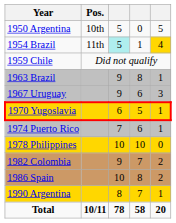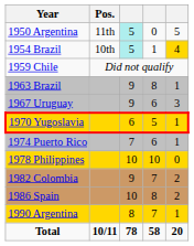 <table class="wikitable" style="text-align: center;">
 <tr>
 <th>Year</th>
 <th>Pos.</th>
 <th width=25px></th>
 <th width=25px></th>
 <th width=25px></th>
 </tr>
 <tr>
 <td style="text-align: left;"> <a href='#'>1950 Argentina</a></td>
-<td>10th</td>
-<td>5</td>
+<td>11th</td>
+<td style="background: paleturquoise;">5</td>
 <td>0</td>
 <td>5</td>
 </tr>
 <tr>
 <td style="text-align: left;"> <a href='#'>1954 Brazil</a></td>
-<td>11th</td>
+<td>10th</td>
 <td style="background: paleturquoise;">5</td>
 <td>1</td>
 <td style="background: gold;">4</td>
 </tr>
 <tr>
 <td style="text-align: left;"> <a href='#'>1959 Chile</a></td>
 <td colspan=4><em>Did not qualify</em></td>
 </tr>
 <tr bgcolor=silver>
 <td style="text-align: left;"> <a href='#'>1963 Brazil</a></td>
 <td></td>
 <td>9</td>
 <td>8</td>
 <td>1</td>
 </tr>
 <tr bgcolor=silver>
 <td style="text-align: left;"> <a href='#'>1967 Uruguay</a></td>
 <td></td>
 <td>9</td>
 <td>6</td>
 <td>3</td>
 </tr>
 <tr bgcolor=gold style="border: 3px solid red">
 <td style="text-align: left;"> <a href='#'>1970 Yugoslavia</a></td>
 <td></td>
 <td>6</td>
 <td>5</td>
 <td>1</td>
 </tr>
 <tr bgcolor=silver>
 <td style="text-align: left; "> <a href='#'>1974 Puerto Rico</a></td>
 <td></td>
 <td>7</td>
 <td>6</td>
 <td>1</td>
 </tr>
 <tr bgcolor=gold>
 <td style="text-align: left; "> <a href='#'>1978 Philippines</a></td>
 <td></td>
 <td>10</td>
 <td>10</td>
 <td>0</td>
 </tr>
 <tr style="background:#c96;">
 <td style="text-align: left; "> <a href='#'>1982 Colombia</a></td>
 <td></td>
 <td>9</td>
 <td>7</td>
 <td>2</td>
 </tr>
 <tr style="background:#c96;">
 <td style="text-align: left; "> <a href='#'>1986 Spain</a></td>
 <td></td>
 <td>10</td>
 <td>8</td>
 <td>2</td>
 </tr>
 <tr bgcolor=gold>
 <td style="text-align: left; "> <a href='#'>1990 Argentina</a></td>
 <td></td>
 <td>8</td>
 <td>7</td>
 <td>1</td>
 </tr>
 <tr>
 <td><strong>Total</strong></td>
 <td><strong>10/11</strong></td>
 <td><strong>78</strong></td>
 <td><strong>58</strong></td>
 <td><strong>20</strong></td>
 </tr>
 </table>
